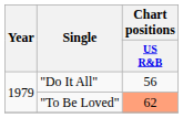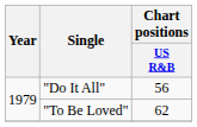 <table class="wikitable" style="text-align:center;">
 <tr>
 <th rowspan="2">Year</th>
 <th rowspan="2">Single</th>
 <th colspan="3">Chart positions</th>
 </tr>
 <tr style="font-size:smaller;">
 <th width="40"><a href='#'>US<br>R&B</a></th>
 </tr>
 <tr>
 <td rowspan="2">1979</td>
 <td align="left">"Do It All"</td>
 <td>56</td>
 </tr>
 <tr>
 <td align="left">"To Be Loved"</td>
-<td style="background: lightsalmon;">62</td>
+<td>62</td>
 </tr>
 <tr>
 </tr>
 </table>
